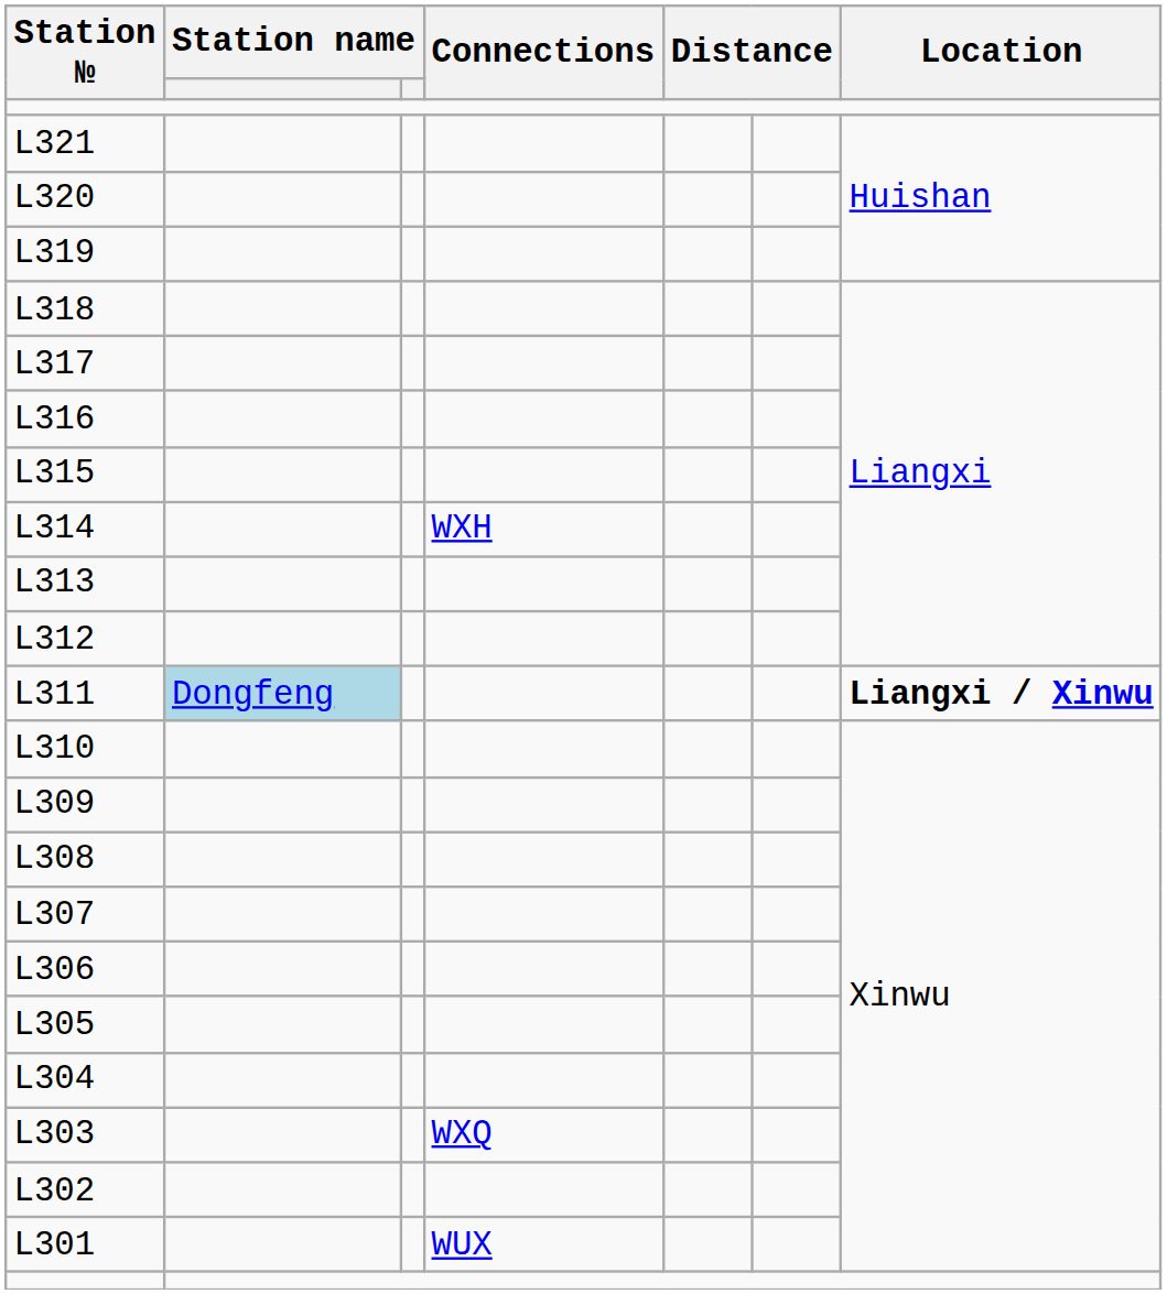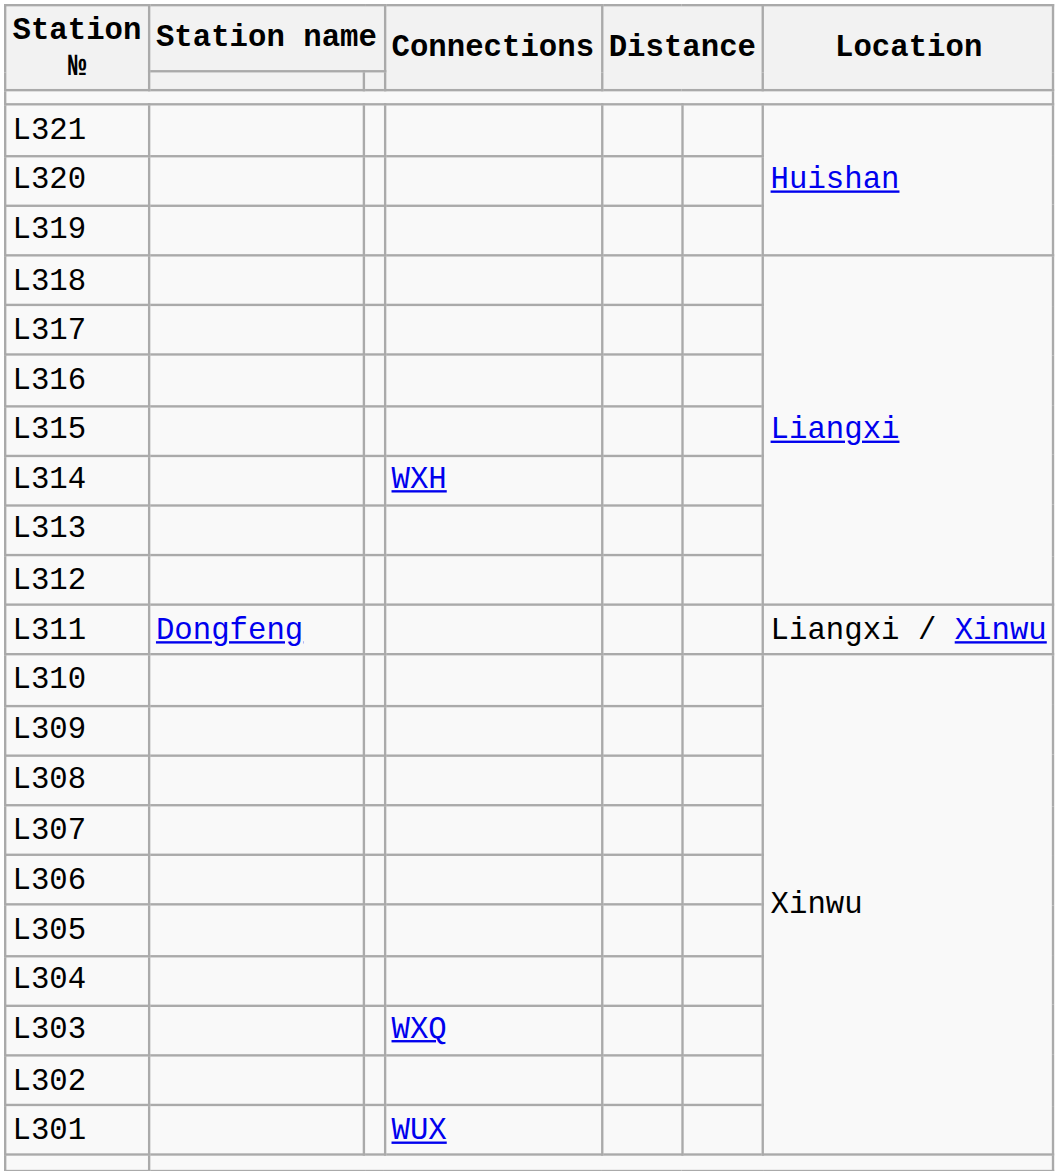 <table class="wikitable">
 <tr>
 <th rowspan="2">Station<br>№</th>
 <th colspan="2">Station name</th>
 <th rowspan="2">Connections</th>
 <th colspan="2" rowspan="2">Distance<br></th>
 <th rowspan="2">Location</th>
 </tr>
 <tr>
 <th></th>
 <th></th>
 </tr>
 <tr style="background:#">
 <td colspan="7"></td>
 </tr>
 <tr>
 <td>L321</td>
 <td></td>
 <td></td>
 <td></td>
 <td></td>
 <td></td>
 <td rowspan="3"><a href='#'>Huishan</a></td>
 </tr>
 <tr>
 <td>L320</td>
 <td></td>
 <td></td>
 <td></td>
 <td></td>
 <td></td>
 </tr>
 <tr>
 <td>L319</td>
 <td></td>
 <td></td>
 <td></td>
 <td></td>
 <td></td>
 </tr>
 <tr>
 <td>L318</td>
 <td></td>
 <td></td>
 <td></td>
 <td></td>
 <td></td>
 <td rowspan="7"><a href='#'>Liangxi</a></td>
 </tr>
 <tr>
 <td>L317</td>
 <td></td>
 <td></td>
 <td></td>
 <td></td>
 <td></td>
 </tr>
 <tr>
 <td>L316</td>
 <td></td>
 <td></td>
 <td></td>
 <td></td>
 <td></td>
 </tr>
 <tr>
 <td>L315</td>
 <td></td>
 <td></td>
 <td></td>
 <td></td>
 <td></td>
 </tr>
 <tr>
 <td>L314</td>
 <td></td>
 <td></td>
 <td>  <a href='#'>WXH</a></td>
 <td></td>
 <td></td>
 </tr>
 <tr>
 <td>L313</td>
 <td></td>
 <td></td>
 <td></td>
 <td></td>
 <td></td>
 </tr>
 <tr>
 <td>L312</td>
 <td></td>
 <td></td>
 <td></td>
 <td></td>
 <td></td>
 </tr>
 <tr>
 <td>L311</td>
-<td style="background: lightblue;"><a href='#'>Dongfeng</a></td>
+<td><a href='#'>Dongfeng</a></td>
 <td></td>
 <td></td>
 <td></td>
 <td></td>
-<td><strong>Liangxi / <a href='#'>Xinwu</a></strong></td>
+<td>Liangxi / <a href='#'>Xinwu</a></td>
 </tr>
 <tr>
 <td>L310</td>
 <td></td>
 <td></td>
 <td></td>
 <td></td>
 <td></td>
 <td rowspan="10">Xinwu</td>
 </tr>
 <tr>
 <td>L309</td>
 <td></td>
 <td></td>
 <td></td>
 <td></td>
 <td></td>
 </tr>
 <tr>
 <td>L308</td>
 <td></td>
 <td></td>
 <td></td>
 <td></td>
 <td></td>
 </tr>
 <tr>
 <td>L307</td>
 <td></td>
 <td></td>
 <td></td>
 <td></td>
 <td></td>
 </tr>
 <tr>
 <td>L306</td>
 <td></td>
 <td></td>
 <td></td>
 <td></td>
 <td></td>
 </tr>
 <tr>
 <td>L305</td>
 <td></td>
 <td></td>
 <td></td>
 <td></td>
 <td></td>
 </tr>
 <tr>
 <td>L304</td>
 <td></td>
 <td></td>
 <td></td>
 <td></td>
 <td></td>
 </tr>
 <tr>
 <td>L303</td>
 <td></td>
 <td></td>
 <td> <a href='#'>WXQ</a></td>
 <td></td>
 <td></td>
 </tr>
 <tr>
 <td>L302</td>
 <td></td>
 <td></td>
 <td></td>
 <td></td>
 <td></td>
 </tr>
 <tr>
 <td>L301</td>
 <td></td>
 <td></td>
 <td> <a href='#'>WUX</a></td>
 <td></td>
 <td></td>
 </tr>
 <tr style="background:#">
 <td></td>
 <td colspan = "6"></td>
 </tr>
 </table>
